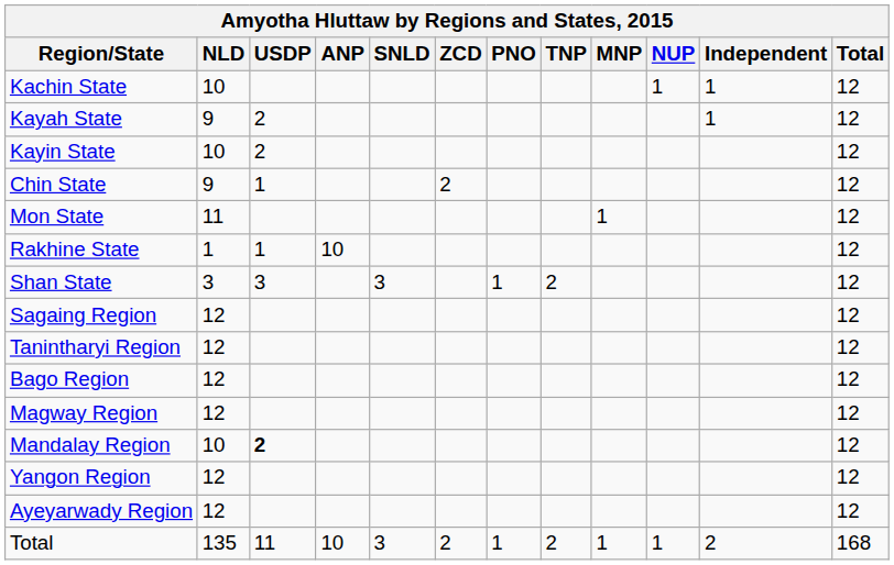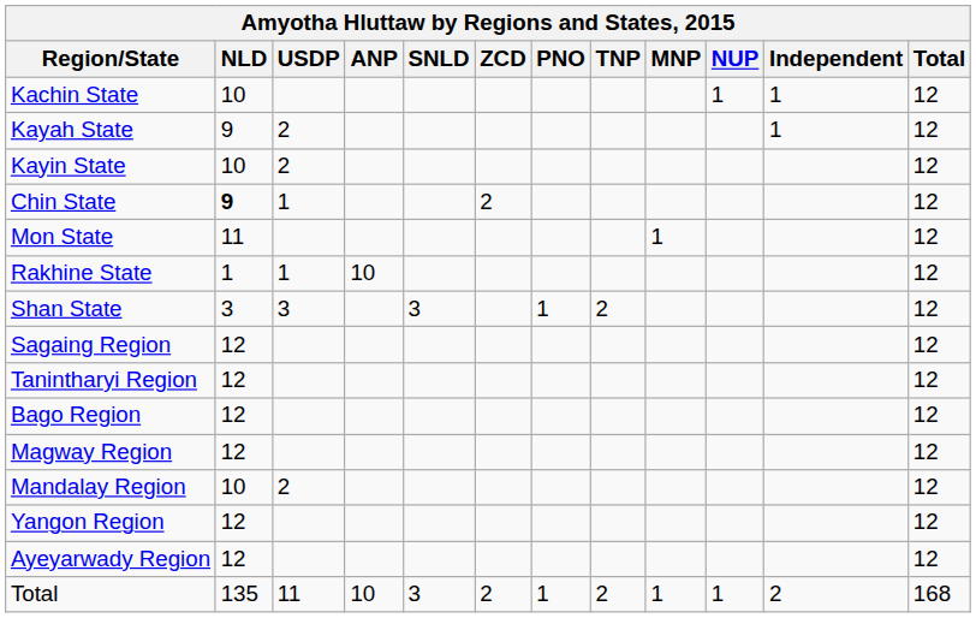 <table class="wikitable">
 <tr>
 <th colspan="12">Amyotha Hluttaw by Regions and States, 2015</th>
 </tr>
 <tr>
 <th>Region/State</th>
 <th>NLD</th>
 <th>USDP</th>
 <th>ANP</th>
 <th>SNLD</th>
 <th>ZCD</th>
 <th>PNO</th>
 <th>TNP</th>
 <th>MNP</th>
 <th><a href='#'>NUP</a></th>
 <th>Independent</th>
 <th>Total</th>
 </tr>
 <tr>
 <td><a href='#'>Kachin State</a></td>
 <td>10</td>
 <td></td>
 <td></td>
 <td></td>
 <td></td>
 <td></td>
 <td></td>
 <td></td>
 <td>1</td>
 <td>1</td>
 <td>12</td>
 </tr>
 <tr>
 <td><a href='#'>Kayah State</a></td>
 <td>9</td>
 <td>2</td>
 <td></td>
 <td></td>
 <td></td>
 <td></td>
 <td></td>
 <td></td>
 <td></td>
 <td>1</td>
 <td>12</td>
 </tr>
 <tr>
 <td><a href='#'>Kayin State</a></td>
 <td>10</td>
 <td>2</td>
 <td></td>
 <td></td>
 <td></td>
 <td></td>
 <td></td>
 <td></td>
 <td></td>
 <td></td>
 <td>12</td>
 </tr>
 <tr>
 <td><a href='#'>Chin State</a></td>
-<td>9</td>
+<td><strong>9</strong></td>
 <td>1</td>
 <td></td>
 <td></td>
 <td>2</td>
 <td></td>
 <td></td>
 <td></td>
 <td></td>
 <td></td>
 <td>12</td>
 </tr>
 <tr>
 <td><a href='#'>Mon State</a></td>
 <td>11</td>
 <td></td>
 <td></td>
 <td></td>
 <td></td>
 <td></td>
 <td></td>
 <td>1</td>
 <td></td>
 <td></td>
 <td>12</td>
 </tr>
 <tr>
 <td><a href='#'>Rakhine State</a></td>
 <td>1</td>
 <td>1</td>
 <td>10</td>
 <td></td>
 <td></td>
 <td></td>
 <td></td>
 <td></td>
 <td></td>
 <td></td>
 <td>12</td>
 </tr>
 <tr>
 <td><a href='#'>Shan State</a></td>
 <td>3</td>
 <td>3</td>
 <td></td>
 <td>3</td>
 <td></td>
 <td>1</td>
 <td>2</td>
 <td></td>
 <td></td>
 <td></td>
 <td>12</td>
 </tr>
 <tr>
 <td><a href='#'>Sagaing Region</a></td>
 <td>12</td>
 <td></td>
 <td></td>
 <td></td>
 <td></td>
 <td></td>
 <td></td>
 <td></td>
 <td></td>
 <td></td>
 <td>12</td>
 </tr>
 <tr>
 <td><a href='#'>Tanintharyi Region</a></td>
 <td>12</td>
 <td></td>
 <td></td>
 <td></td>
 <td></td>
 <td></td>
 <td></td>
 <td></td>
 <td></td>
 <td></td>
 <td>12</td>
 </tr>
 <tr>
 <td><a href='#'>Bago Region</a></td>
 <td>12</td>
 <td></td>
 <td></td>
 <td></td>
 <td></td>
 <td></td>
 <td></td>
 <td></td>
 <td></td>
 <td></td>
 <td>12</td>
 </tr>
 <tr>
 <td><a href='#'>Magway Region</a></td>
 <td>12</td>
 <td></td>
 <td></td>
 <td></td>
 <td></td>
 <td></td>
 <td></td>
 <td></td>
 <td></td>
 <td></td>
 <td>12</td>
 </tr>
 <tr>
 <td><a href='#'>Mandalay Region</a></td>
 <td>10</td>
-<td><strong>2</strong></td>
+<td>2</td>
 <td></td>
 <td></td>
 <td></td>
 <td></td>
 <td></td>
 <td></td>
 <td></td>
 <td></td>
 <td>12</td>
 </tr>
 <tr>
 <td><a href='#'>Yangon Region</a></td>
 <td>12</td>
 <td></td>
 <td></td>
 <td></td>
 <td></td>
 <td></td>
 <td></td>
 <td></td>
 <td></td>
 <td></td>
 <td>12</td>
 </tr>
 <tr>
 <td><a href='#'>Ayeyarwady Region</a></td>
 <td>12</td>
 <td></td>
 <td></td>
 <td></td>
 <td></td>
 <td></td>
 <td></td>
 <td></td>
 <td></td>
 <td></td>
 <td>12</td>
 </tr>
 <tr>
 <td>Total</td>
 <td>135</td>
 <td>11</td>
 <td>10</td>
 <td>3</td>
 <td>2</td>
 <td>1</td>
 <td>2</td>
 <td>1</td>
 <td>1</td>
 <td>2</td>
 <td>168</td>
 </tr>
 </table>
